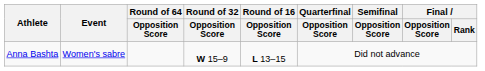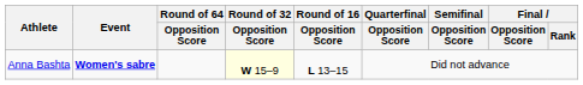 <table class="wikitable" style="font-size:90%">
 <tr>
 <th rowspan="2">Athlete</th>
 <th rowspan="2">Event</th>
 <th>Round of 64</th>
 <th>Round of 32</th>
 <th>Round of 16</th>
 <th>Quarterfinal</th>
 <th>Semifinal</th>
 <th colspan=2>Final / </th>
 </tr>
 <tr style="font-size:95%">
 <th>Opposition <br> Score</th>
 <th>Opposition <br> Score</th>
 <th>Opposition <br> Score</th>
 <th>Opposition <br> Score</th>
 <th>Opposition <br> Score</th>
 <th>Opposition <br> Score</th>
 <th>Rank</th>
 </tr>
 <tr align=center>
 <td align=left><a href='#'>Anna Bashta</a></td>
-<td align=left><a href='#'>Women's sabre</a></td>
+<td align=left><strong><a href='#'>Women's sabre</a></strong></td>
 <td></td>
-<td><br><strong>W</strong> 15–9</td>
+<td style="background: lightyellow;"><br><strong>W</strong> 15–9</td>
 <td><br><strong>L</strong> 13–15</td>
 <td colspan=4>Did not advance</td>
 </tr>
 </table>
